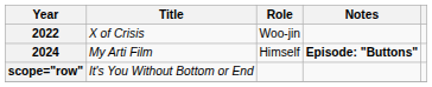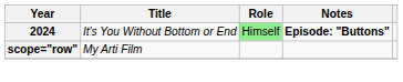 <table class="wikitable plainrowheaders">
 <tr>
 <th scope="col">Year</th>
 <th scope="col">Title</th>
 <th scope="col">Role</th>
 <th scope="col">Notes</th>
 <th scope="col" class="unsortable"></th>
 </tr>
 <tr>
-<th scope="row">2022</th>
-<td><em>X of Crisis</em></td>
-<td>Woo-jin</td>
-<td></td>
-<td style="text-align:center"></td>
-</tr>
-<tr>
 <th scope="row">2024</th>
-<td><em>My Arti Film</em></td>
-<td>Himself</td>
+<td><em>It's You Without Bottom or End</em></td>
+<td style="background: lightgreen;">Himself</td>
 <td><strong>Episode: "Buttons"</strong></td>
 <td style="text-align:center"></td>
 </tr>
 <tr>
 <th>scope="row" </th>
-<td><em>It's You Without Bottom or End</em></td>
+<td><em>My Arti Film</em></td>
 <td></td>
 <td></td>
 <td style="text-align:center"></td>
 </tr>
 <tr>
 </tr>
 </table>
